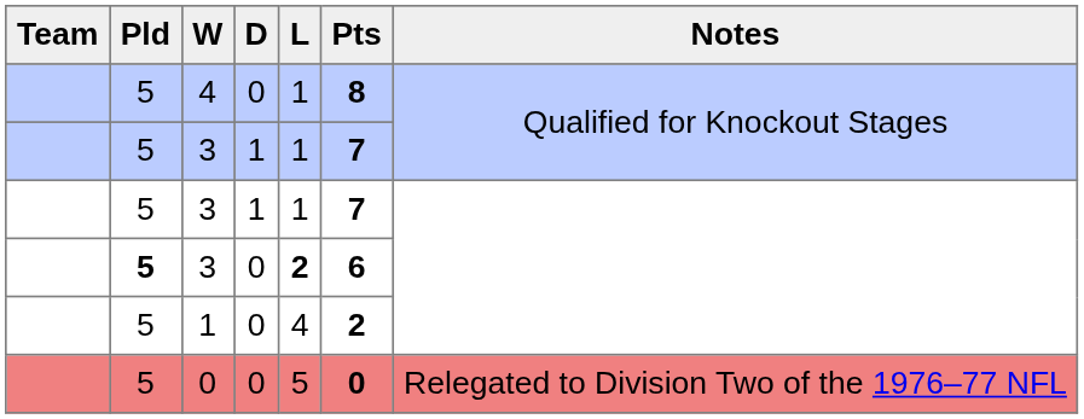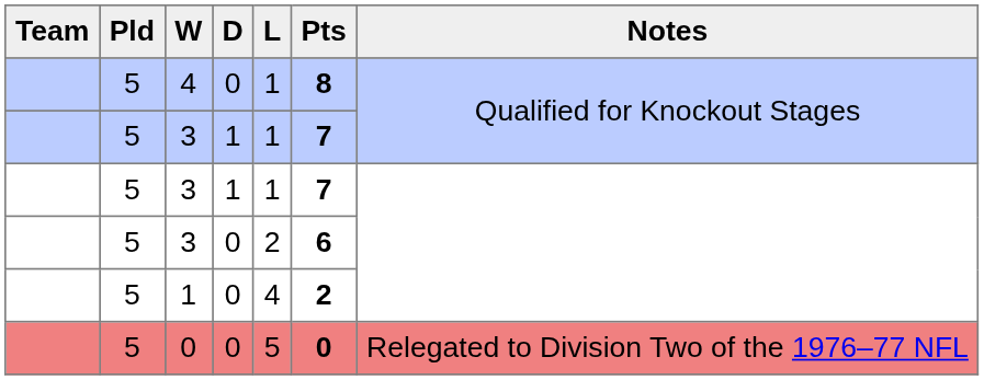 <table style=border-collapse:collapse border=1 cellspacing=0 cellpadding=5>
 <tr align=center bgcolor=#efefef>
 <th>Team</th>
 <th>Pld</th>
 <th>W</th>
 <th>D</th>
 <th>L</th>
 <th>Pts</th>
 <th>Notes</th>
 </tr>
 <tr align=center style="background:#bbccff;">
 <td style="text-align:left;"> </td>
 <td>5</td>
 <td>4</td>
 <td>0</td>
 <td>1</td>
 <td><strong>8</strong></td>
 <td rowspan=2>Qualified for Knockout Stages</td>
 </tr>
 <tr align=center style="background:#bbccff;">
 <td style="text-align:left;"> </td>
 <td>5</td>
 <td>3</td>
 <td>1</td>
 <td>1</td>
 <td><strong>7</strong></td>
 </tr>
 <tr align=center style="background:#FFFFFF;">
 <td style="text-align:left;"> </td>
 <td>5</td>
 <td>3</td>
 <td>1</td>
 <td>1</td>
 <td><strong>7</strong></td>
 <td rowspan=3></td>
 </tr>
 <tr align=center style="background:#FFFFFF;">
 <td style="text-align:left;"> </td>
-<td><strong>5</strong></td>
+<td>5</td>
 <td>3</td>
 <td>0</td>
-<td><strong>2</strong></td>
+<td>2</td>
 <td><strong>6</strong></td>
 </tr>
 <tr align=center style="background:#FFFFFF;">
 <td style="text-align:left;"> </td>
 <td>5</td>
 <td>1</td>
 <td>0</td>
 <td>4</td>
 <td><strong>2</strong></td>
 </tr>
 <tr align=center style="background:#F08080">
 <td style="text-align:left;"> </td>
 <td>5</td>
 <td>0</td>
 <td>0</td>
 <td>5</td>
 <td><strong>0</strong></td>
 <td rowspan=1>Relegated to Division Two of the <a href='#'>1976–77 NFL</a></td>
 </tr>
 </table>
